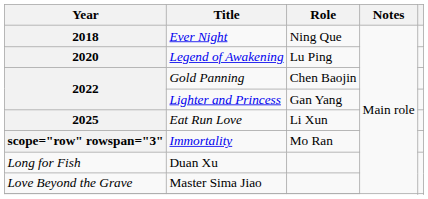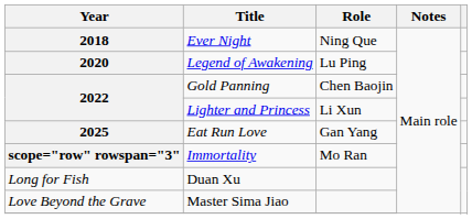 <table class="wikitable sortable plainrowheaders">
 <tr>
 <th scope="col">Year</th>
 <th scope="col">Title</th>
 <th scope="col">Role</th>
 <th scope="col">Notes</th>
 <th scope="col" class="unsortable"></th>
 </tr>
 <tr>
 <th scope="row">2018</th>
 <td><em><a href='#'>Ever Night</a></em></td>
 <td>Ning Que</td>
 <td rowspan="9">Main role</td>
 <td></td>
 </tr>
 <tr>
 <th scope="row">2020</th>
 <td><em><a href='#'>Legend of Awakening</a></em></td>
 <td>Lu Ping</td>
 <td></td>
 </tr>
 <tr>
 <th scope="row" rowspan="2">2022</th>
 <td><em>Gold Panning</em></td>
 <td>Chen Baojin</td>
 <td></td>
 </tr>
 <tr>
 <td><em><a href='#'>Lighter and Princess</a></em></td>
-<td>Gan Yang</td>
+<td>Li Xun</td>
 <td></td>
 </tr>
 <tr>
 <th scope="row">2025</th>
 <td><em>Eat Run Love</em></td>
-<td>Li Xun</td>
+<td>Gan Yang</td>
 <td></td>
 </tr>
 <tr>
 <th>scope="row" rowspan="3" </th>
 <td><em><a href='#'>Immortality</a></em></td>
 <td>Mo Ran</td>
 <td></td>
 </tr>
 <tr>
 <td><em>Long for Fish</em></td>
 <td>Duan Xu</td>
 <td></td>
 </tr>
 <tr>
 <td><em>Love Beyond the Grave</em></td>
 <td>Master Sima Jiao</td>
 <td></td>
 </tr>
 <tr>
 </tr>
 </table>
